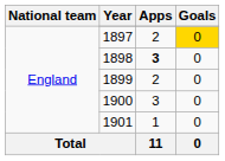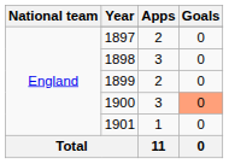 <table class="wikitable" style="text-align: center;">
 <tr>
 <th>National team</th>
 <th>Year</th>
 <th>Apps</th>
 <th>Goals</th>
 </tr>
 <tr>
 <td rowspan=6><a href='#'>England</a></td>
 </tr>
 <tr>
 <td>1897</td>
 <td>2</td>
-<td style="background: gold;">0</td>
+<td>0</td>
 </tr>
 <tr>
 <td>1898</td>
-<td><strong>3</strong></td>
+<td>3</td>
 <td>0</td>
 </tr>
 <tr>
 <td>1899</td>
 <td>2</td>
 <td>0</td>
 </tr>
 <tr>
 <td>1900</td>
 <td>3</td>
-<td>0</td>
+<td style="background: lightsalmon;">0</td>
 </tr>
 <tr>
 <td>1901</td>
 <td>1</td>
 <td>0</td>
 </tr>
 <tr>
 <th colspan=2>Total</th>
 <th>11</th>
 <th>0</th>
 </tr>
 </table>
